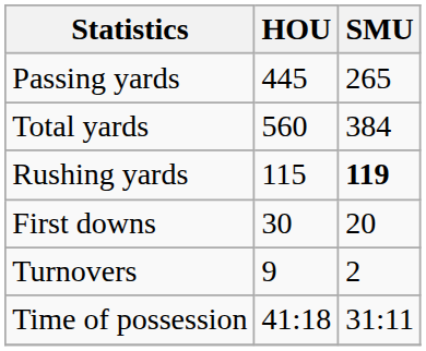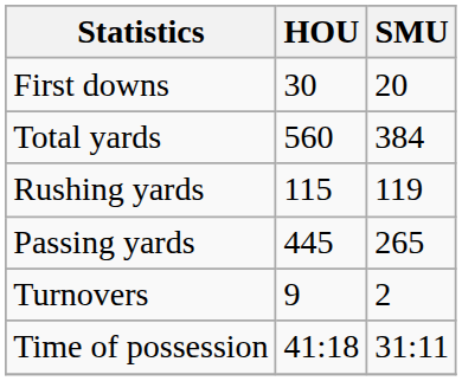 <table class="wikitable">
 <tr>
 <th>Statistics</th>
 <th>HOU</th>
 <th>SMU</th>
 </tr>
 <tr>
-<td>Passing yards</td>
-<td>445</td>
-<td>265</td>
+<td>First downs</td>
+<td>30</td>
+<td>20</td>
 </tr>
 <tr>
 <td>Total yards</td>
 <td>560</td>
 <td>384</td>
 </tr>
 <tr>
 <td>Rushing yards</td>
 <td>115</td>
-<td><strong>119</strong></td>
+<td>119</td>
 </tr>
 <tr>
-<td>First downs</td>
-<td>30</td>
-<td>20</td>
+<td>Passing yards</td>
+<td>445</td>
+<td>265</td>
 </tr>
 <tr>
 <td>Turnovers</td>
 <td>9</td>
 <td>2</td>
 </tr>
 <tr>
 <td>Time of possession</td>
 <td>41:18</td>
 <td>31:11</td>
 </tr>
 <tr>
 </tr>
 </table>
